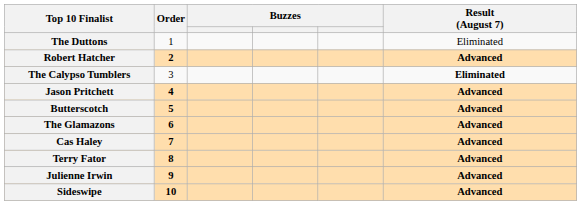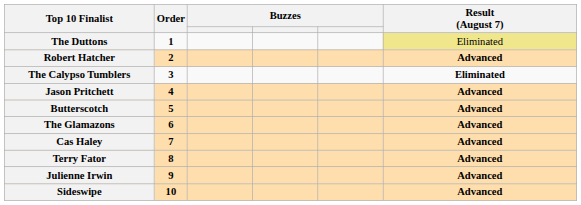 <table class="wikitable plainrowheaders sortable" style="text-align:center;">
 <tr>
 <th scope="col" rowspan="2" class="unsortable" style="width:17em;">Top 10 Finalist</th>
 <th scope="col" rowspan="2" style="width:1em;">Order</th>
 <th scope="col" colspan="3" class="unsortable" style="width:24em;">Buzzes</th>
 <th scope="col" rowspan="2" style="width:23em;">Result <br> (August 7)</th>
 </tr>
 <tr>
 <th scope="col" class="unsortable" style="width:6em;"></th>
 <th scope="col" class="unsortable" style="width:6em;"></th>
 <th scope="col" class="unsortable" style="width:6em;"></th>
 </tr>
 <tr>
 <th scope="row">The Duttons</th>
-<td>1</td>
+<td><strong>1</strong></td>
 <td style="text-align:center;"></td>
 <td style="text-align:center;"></td>
 <td style="text-align:center;"></td>
-<td>Eliminated</td>
+<td style="background: khaki;">Eliminated</td>
 </tr>
 <tr bgcolor=NavajoWhite>
 <th scope="row"><strong>Robert Hatcher</strong></th>
 <td><strong>2</strong></td>
 <td style="text-align:center;"></td>
 <td style="text-align:center;"></td>
 <td style="text-align:center;"></td>
 <td><strong>Advanced</strong></td>
 </tr>
 <tr>
 <th scope="row">The Calypso Tumblers</th>
-<td>3</td>
+<td><strong>3</strong></td>
 <td style="text-align:center;"></td>
 <td style="text-align:center;"></td>
 <td style="text-align:center;"></td>
 <td><strong>Eliminated</strong></td>
 </tr>
 <tr bgcolor=NavajoWhite>
 <th scope="row"><strong>Jason Pritchett</strong></th>
 <td><strong>4</strong></td>
 <td style="text-align:center;"></td>
 <td style="text-align:center;"></td>
 <td style="text-align:center;"></td>
 <td><strong>Advanced</strong></td>
 </tr>
 <tr bgcolor=NavajoWhite>
 <th scope="row"><strong>Butterscotch</strong></th>
 <td><strong>5</strong></td>
 <td style="text-align:center;"></td>
 <td style="text-align:center;"></td>
 <td style="text-align:center;"></td>
 <td><strong>Advanced</strong></td>
 </tr>
 <tr bgcolor=NavajoWhite>
 <th scope="row"><strong>The Glamazons</strong></th>
 <td><strong>6</strong></td>
 <td style="text-align:center;"></td>
 <td style="text-align:center;"></td>
 <td style="text-align:center;"></td>
 <td><strong>Advanced</strong></td>
 </tr>
 <tr bgcolor=NavajoWhite>
 <th scope="row"><strong>Cas Haley</strong></th>
 <td><strong>7</strong></td>
 <td style="text-align:center;"></td>
 <td style="text-align:center;"></td>
 <td style="text-align:center;"></td>
 <td><strong>Advanced</strong></td>
 </tr>
 <tr bgcolor=NavajoWhite>
 <th scope="row"><strong>Terry Fator</strong></th>
 <td><strong>8</strong></td>
 <td style="text-align:center;"></td>
 <td style="text-align:center;"></td>
 <td style="text-align:center;"></td>
 <td><strong>Advanced</strong></td>
 </tr>
 <tr bgcolor=NavajoWhite>
 <th scope="row"><strong>Julienne Irwin</strong></th>
 <td><strong>9</strong></td>
 <td style="text-align:center;"></td>
 <td style="text-align:center;"></td>
 <td style="text-align:center;"></td>
 <td><strong>Advanced</strong></td>
 </tr>
 <tr bgcolor=NavajoWhite>
 <th scope="row"><strong>Sideswipe</strong></th>
 <td><strong>10</strong></td>
 <td style="text-align:center;"></td>
 <td style="text-align:center;"></td>
 <td style="text-align:center;"></td>
 <td><strong>Advanced</strong></td>
 </tr>
 </table>
